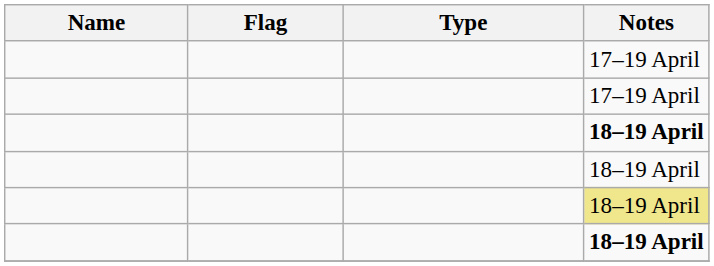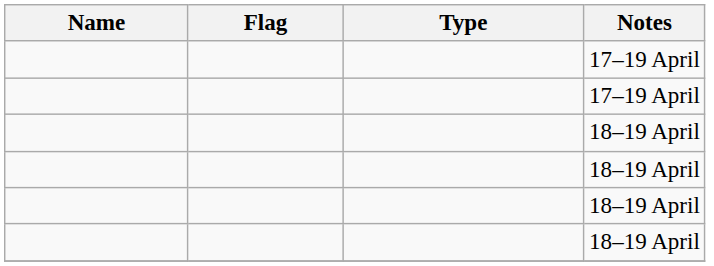 <table class="wikitable sortable">
 <tr>
 <th scope="col" width="120px">Name</th>
 <th scope="col" width="100px">Flag</th>
 <th scope="col" width="160px">Type</th>
 <th>Notes</th>
 </tr>
 <tr>
 <td align="left"></td>
 <td align="left"></td>
 <td align="left"></td>
 <td align="left">17–19 April</td>
 </tr>
 <tr>
 <td align="left"></td>
 <td align="left"></td>
 <td align="left"></td>
 <td align="left">17–19 April</td>
 </tr>
 <tr>
 <td align="left"></td>
 <td align="left"></td>
 <td align="left"></td>
-<td align="left"><strong>18–19 April</strong></td>
+<td align="left">18–19 April</td>
 </tr>
 <tr>
 <td align="left"></td>
 <td align="left"></td>
 <td align="left"></td>
 <td align="left">18–19 April</td>
 </tr>
 <tr>
 <td align="left"></td>
 <td align="left"></td>
 <td align="left"></td>
-<td align="left" style="background: khaki;">18–19 April</td>
+<td align="left">18–19 April</td>
 </tr>
 <tr>
 <td align="left"></td>
 <td align="left"></td>
 <td align="left"></td>
-<td align="left"><strong>18–19 April</strong></td>
+<td align="left">18–19 April</td>
 </tr>
 <tr>
 </tr>
 </table>
